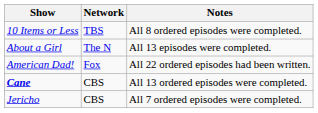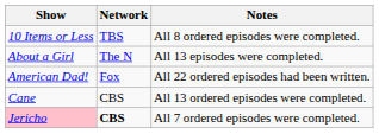 <table class="wikitable sortable">
 <tr>
 <th>Show</th>
 <th>Network</th>
 <th>Notes</th>
 </tr>
 <tr>
 <td><em><a href='#'>10 Items or Less</a></em></td>
 <td><a href='#'>TBS</a></td>
 <td>All 8 ordered episodes were completed.</td>
 </tr>
 <tr>
 <td><em><a href='#'>About a Girl</a></em></td>
 <td><a href='#'>The N</a></td>
 <td>All 13 episodes were completed.</td>
 </tr>
 <tr>
 <td><em><a href='#'>American Dad!</a></em></td>
 <td><a href='#'>Fox</a></td>
 <td>All 22 ordered episodes had been written.</td>
 </tr>
 <tr>
-<td><strong><em><a href='#'>Cane</a></em></strong></td>
+<td><em><a href='#'>Cane</a></em></td>
 <td>CBS</td>
 <td>All 13 ordered episodes were completed.</td>
 </tr>
 <tr>
-<td><em><a href='#'>Jericho</a></em></td>
-<td>CBS</td>
+<td style="background: pink;"><em><a href='#'>Jericho</a></em></td>
+<td><strong>CBS</strong></td>
 <td>All 7 ordered episodes were completed.</td>
 </tr>
 </table>
